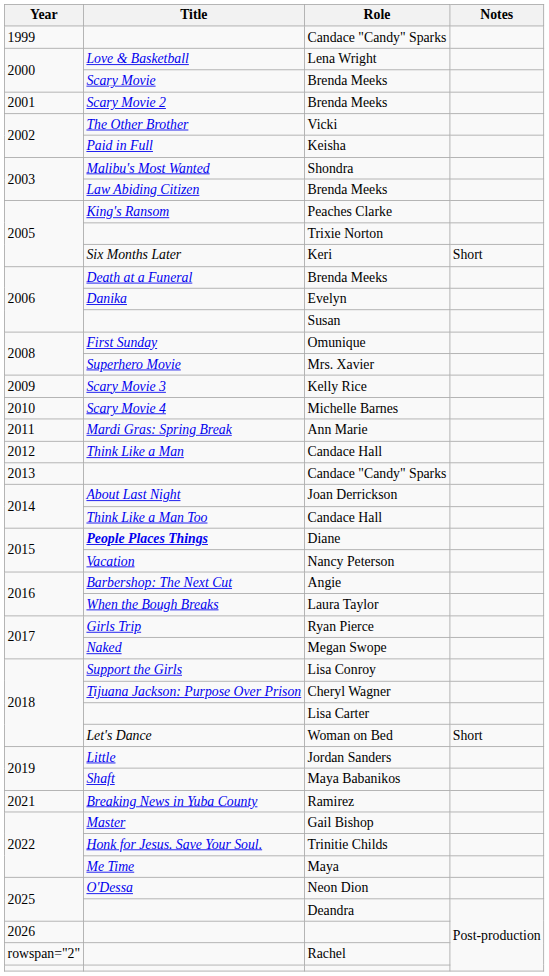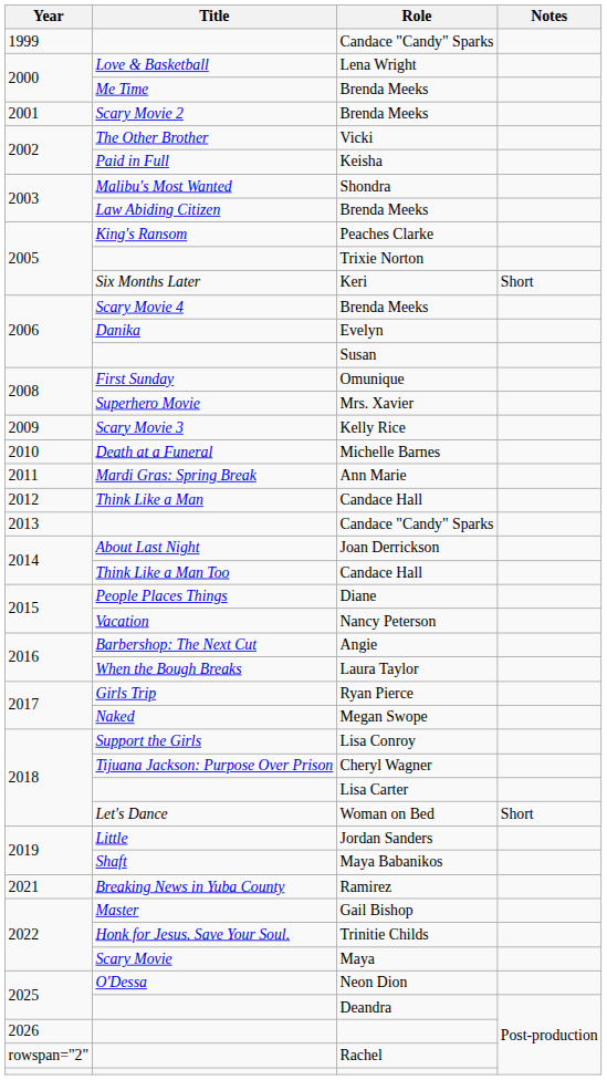 <table class="wikitable plainrowheaders sortable" style="margin-right: 0;">
 <tr>
 <th scope="col">Year</th>
 <th scope="col">Title</th>
 <th scope="col">Role</th>
 <th scope="col" class="unsortable">Notes</th>
 </tr>
 <tr>
 <td>1999</td>
 <td><em></em></td>
 <td>Candace "Candy" Sparks</td>
 <td></td>
 </tr>
 <tr>
 <td rowspan=2>2000</td>
 <td><em><a href='#'>Love & Basketball</a></em></td>
 <td>Lena Wright</td>
 <td></td>
 </tr>
 <tr>
-<td><em><a href='#'>Scary Movie</a></em></td>
+<td><em><a href='#'>Me Time</a></em></td>
 <td>Brenda Meeks</td>
 <td></td>
 </tr>
 <tr>
 <td>2001</td>
 <td><em><a href='#'>Scary Movie 2</a></em></td>
 <td>Brenda Meeks</td>
 <td></td>
 </tr>
 <tr>
 <td rowspan=2>2002</td>
 <td><em><a href='#'>The Other Brother</a></em></td>
 <td>Vicki</td>
 <td></td>
 </tr>
 <tr>
 <td><em><a href='#'>Paid in Full</a></em></td>
 <td>Keisha</td>
 <td></td>
 </tr>
 <tr>
 <td rowspan=2>2003</td>
 <td><em><a href='#'>Malibu's Most Wanted</a></em></td>
 <td>Shondra</td>
 <td></td>
 </tr>
 <tr>
 <td><em><a href='#'>Law Abiding Citizen</a></em></td>
 <td>Brenda Meeks</td>
 <td></td>
 </tr>
 <tr>
 <td rowspan=3>2005</td>
 <td><em><a href='#'>King's Ransom</a></em></td>
 <td>Peaches Clarke</td>
 <td></td>
 </tr>
 <tr>
 <td><em></em></td>
 <td>Trixie Norton</td>
 <td></td>
 </tr>
 <tr>
 <td><em>Six Months Later</em></td>
 <td>Keri</td>
 <td>Short</td>
 </tr>
 <tr>
 <td rowspan=3>2006</td>
-<td><em><a href='#'>Death at a Funeral</a></em></td>
+<td><em><a href='#'>Scary Movie 4</a></em></td>
 <td>Brenda Meeks</td>
 <td></td>
 </tr>
 <tr>
 <td><em><a href='#'>Danika</a></em></td>
 <td>Evelyn</td>
 <td></td>
 </tr>
 <tr>
 <td><em></em></td>
 <td>Susan</td>
 <td></td>
 </tr>
 <tr>
 <td rowspan=2>2008</td>
 <td><em><a href='#'>First Sunday</a></em></td>
 <td>Omunique</td>
 <td></td>
 </tr>
 <tr>
 <td><em><a href='#'>Superhero Movie</a></em></td>
 <td>Mrs. Xavier</td>
 <td></td>
 </tr>
 <tr>
 <td>2009</td>
 <td><em><a href='#'>Scary Movie 3</a></em></td>
 <td>Kelly Rice</td>
 <td></td>
 </tr>
 <tr>
 <td>2010</td>
-<td><em><a href='#'>Scary Movie 4</a></em></td>
+<td><em><a href='#'>Death at a Funeral</a></em></td>
 <td>Michelle Barnes</td>
 <td></td>
 </tr>
 <tr>
 <td>2011</td>
 <td><em><a href='#'>Mardi Gras: Spring Break</a></em></td>
 <td>Ann Marie</td>
 <td></td>
 </tr>
 <tr>
 <td>2012</td>
 <td><em><a href='#'>Think Like a Man</a></em></td>
 <td>Candace Hall</td>
 <td></td>
 </tr>
 <tr>
 <td>2013</td>
 <td><em></em></td>
 <td>Candace "Candy" Sparks</td>
 <td></td>
 </tr>
 <tr>
 <td rowspan=2>2014</td>
 <td><em><a href='#'>About Last Night</a></em></td>
 <td>Joan Derrickson</td>
 <td></td>
 </tr>
 <tr>
 <td><em><a href='#'>Think Like a Man Too</a></em></td>
 <td>Candace Hall</td>
 <td></td>
 </tr>
 <tr>
 <td rowspan=2>2015</td>
-<td><strong><em><a href='#'>People Places Things</a></em></strong></td>
+<td><em><a href='#'>People Places Things</a></em></td>
 <td>Diane</td>
 <td></td>
 </tr>
 <tr>
 <td><em><a href='#'>Vacation</a></em></td>
 <td>Nancy Peterson</td>
 <td></td>
 </tr>
 <tr>
 <td rowspan=2>2016</td>
 <td><em><a href='#'>Barbershop: The Next Cut</a></em></td>
 <td>Angie</td>
 <td></td>
 </tr>
 <tr>
 <td><em><a href='#'>When the Bough Breaks</a></em></td>
 <td>Laura Taylor</td>
 <td></td>
 </tr>
 <tr>
 <td rowspan=2>2017</td>
 <td><em><a href='#'>Girls Trip</a></em></td>
 <td>Ryan Pierce</td>
 <td></td>
 </tr>
 <tr>
 <td><em><a href='#'>Naked</a></em></td>
 <td>Megan Swope</td>
 <td></td>
 </tr>
 <tr>
 <td rowspan=4>2018</td>
 <td><em><a href='#'>Support the Girls</a></em></td>
 <td>Lisa Conroy</td>
 <td></td>
 </tr>
 <tr>
 <td><em><a href='#'>Tijuana Jackson: Purpose Over Prison</a></em></td>
 <td>Cheryl Wagner</td>
 <td></td>
 </tr>
 <tr>
 <td><em></em></td>
 <td>Lisa Carter</td>
 <td></td>
 </tr>
 <tr>
 <td><em>Let's Dance</em></td>
 <td>Woman on Bed</td>
 <td>Short</td>
 </tr>
 <tr>
 <td rowspan=2>2019</td>
 <td><em><a href='#'>Little</a></em></td>
 <td>Jordan Sanders</td>
 <td></td>
 </tr>
 <tr>
 <td><em><a href='#'>Shaft</a></em></td>
 <td>Maya Babanikos</td>
 <td></td>
 </tr>
 <tr>
 <td>2021</td>
 <td><em><a href='#'>Breaking News in Yuba County</a></em></td>
 <td>Ramirez</td>
 <td></td>
 </tr>
 <tr>
 <td rowspan=3>2022</td>
 <td><em><a href='#'>Master</a></em></td>
 <td>Gail Bishop</td>
 <td></td>
 </tr>
 <tr>
 <td><em><a href='#'>Honk for Jesus. Save Your Soul.</a></em></td>
 <td>Trinitie Childs</td>
 <td></td>
 </tr>
 <tr>
-<td><em><a href='#'>Me Time</a></em></td>
+<td><em><a href='#'>Scary Movie</a></em></td>
 <td>Maya</td>
 <td></td>
 </tr>
 <tr>
 <td rowspan="2">2025</td>
 <td><em><a href='#'>O'Dessa</a></em></td>
 <td>Neon Dion</td>
 <td></td>
 </tr>
 <tr>
 <td></td>
 <td>Deandra</td>
 <td rowspan="4">Post-production</td>
 </tr>
 <tr>
 <td>2026</td>
 <td></td>
 <td></td>
 </tr>
 <tr>
 <td>rowspan="2" </td>
 <td></td>
 <td>Rachel</td>
 </tr>
 <tr>
 <td></td>
 <td></td>
 </tr>
 </table>
